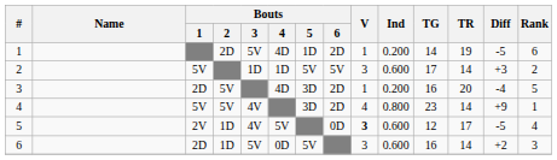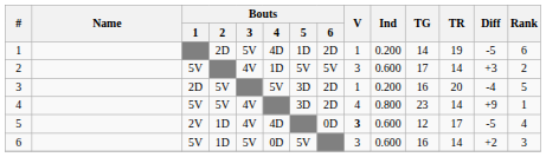 <table class="wikitable" style="text-align:center;">
 <tr>
 <th rowspan=2 width=30>#</th>
 <th rowspan=2 width=200>Name</th>
 <th colspan=6>Bouts</th>
 <th rowspan=2 width=30>V</th>
 <th rowspan=2 width=40>Ind</th>
 <th rowspan=2 width=40>TG</th>
 <th rowspan=2 width=40>TR</th>
 <th rowspan=2 width=40>Diff</th>
 <th rowspan=2 width=30>Rank</th>
 </tr>
 <tr>
 <th width=30>1</th>
 <th width=30>2</th>
 <th width=30>3</th>
 <th width=30>4</th>
 <th width=30>5</th>
 <th width=30>6</th>
 </tr>
 <tr>
 <td>1</td>
 <td align=left></td>
 <td bgcolor=grey></td>
 <td>2D</td>
 <td>5V</td>
 <td>4D</td>
 <td>1D</td>
 <td>2D</td>
 <td>1</td>
 <td>0.200</td>
 <td>14</td>
 <td>19</td>
 <td>-5</td>
 <td>6</td>
 </tr>
 <tr>
 <td>2</td>
 <td align=left></td>
 <td>5V</td>
 <td bgcolor=grey></td>
-<td>1D</td>
+<td>4V</td>
 <td>1D</td>
 <td>5V</td>
 <td>5V</td>
 <td>3</td>
 <td>0.600</td>
 <td>17</td>
 <td>14</td>
 <td>+3</td>
 <td>2</td>
 </tr>
 <tr>
 <td>3</td>
 <td align=left></td>
 <td>2D</td>
 <td>5V</td>
 <td bgcolor=grey></td>
-<td>4D</td>
+<td>5V</td>
 <td>3D</td>
 <td>2D</td>
 <td>1</td>
 <td>0.200</td>
 <td>16</td>
 <td>20</td>
 <td>-4</td>
 <td>5</td>
 </tr>
 <tr>
 <td>4</td>
 <td align=left></td>
 <td>5V</td>
 <td>5V</td>
 <td>4V</td>
 <td bgcolor=grey></td>
 <td>3D</td>
 <td>2D</td>
 <td>4</td>
 <td>0.800</td>
 <td>23</td>
 <td>14</td>
 <td>+9</td>
 <td>1</td>
 </tr>
 <tr>
 <td>5</td>
 <td align=left></td>
 <td>2V</td>
 <td>1D</td>
 <td>4V</td>
-<td>5V</td>
+<td>4D</td>
 <td bgcolor=grey></td>
 <td>0D</td>
 <td><strong>3</strong></td>
 <td>0.600</td>
 <td>12</td>
 <td>17</td>
 <td>-5</td>
 <td>4</td>
 </tr>
 <tr>
 <td>6</td>
 <td align=left></td>
-<td>2D</td>
+<td>5V</td>
 <td>1D</td>
 <td>5V</td>
 <td>0D</td>
 <td>5V</td>
 <td bgcolor=grey></td>
 <td>3</td>
 <td>0.600</td>
 <td>16</td>
 <td>14</td>
 <td>+2</td>
 <td>3</td>
 </tr>
 <tr>
 </tr>
 </table>
